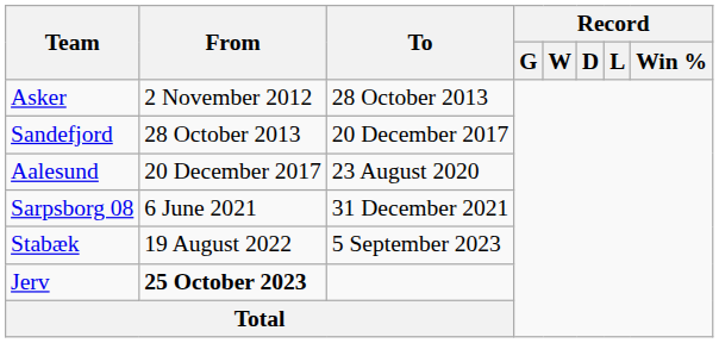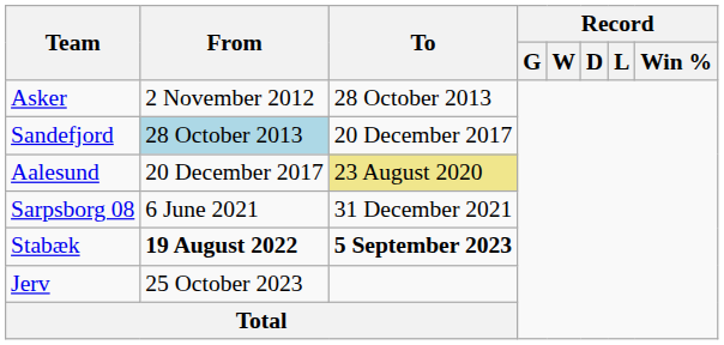 <table class="wikitable" style="text-align: center">
 <tr>
 <th rowspan="2">Team</th>
 <th rowspan="2">From</th>
 <th rowspan="2">To</th>
 <th colspan="5">Record</th>
 </tr>
 <tr>
 <th>G</th>
 <th>W</th>
 <th>D</th>
 <th>L</th>
 <th>Win %</th>
 </tr>
 <tr>
 <td align=left><a href='#'>Asker</a></td>
 <td align=left>2 November 2012</td>
 <td align=left>28 October 2013<br></td>
 </tr>
 <tr>
 <td align=left><a href='#'>Sandefjord</a></td>
-<td align=left>28 October 2013</td>
+<td align=left style="background: lightblue;">28 October 2013</td>
 <td align=left>20 December 2017<br></td>
 </tr>
 <tr>
 <td align=left><a href='#'>Aalesund</a></td>
 <td align=left>20 December 2017</td>
-<td align=left>23 August 2020<br></td>
+<td align=left style="background: khaki;">23 August 2020<br></td>
 </tr>
 <tr>
 <td align=left><a href='#'>Sarpsborg 08</a></td>
 <td align=left>6 June 2021</td>
 <td align=left>31 December 2021<br></td>
 </tr>
 <tr>
 <td align=left><a href='#'>Stabæk</a></td>
-<td align=left>19 August 2022</td>
-<td align=left>5 September 2023<br></td>
+<td align=left><strong>19 August 2022</strong></td>
+<td align=left><strong>5 September 2023<br></strong></td>
 </tr>
 <tr>
 <td align=left><a href='#'>Jerv</a></td>
-<td align=left><strong>25 October 2023</strong></td>
+<td align=left>25 October 2023</td>
 <td align=left><br></td>
 </tr>
 <tr>
 <th colspan="3">Total<br></th>
 </tr>
 </table>
